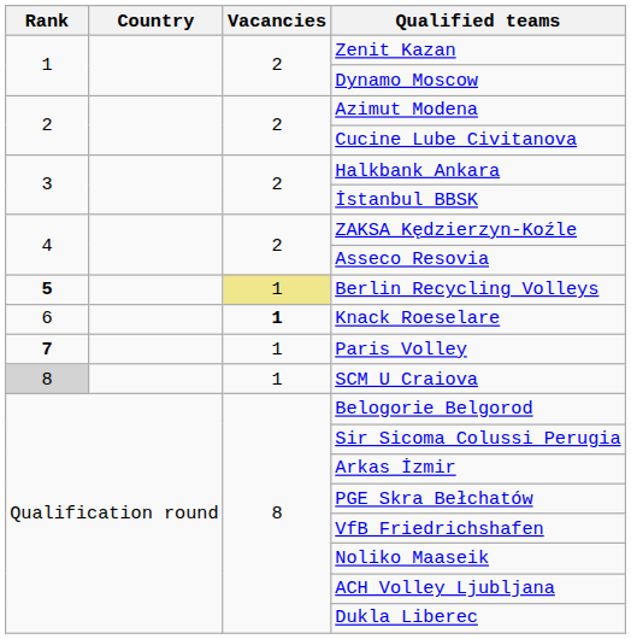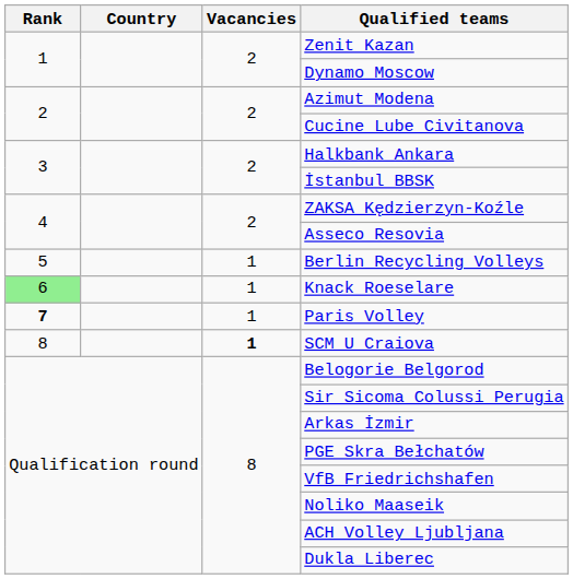 <table class="wikitable" style="text-align:left">
 <tr>
 <th>Rank</th>
 <th>Country</th>
 <th>Vacancies</th>
 <th>Qualified teams</th>
 </tr>
 <tr>
 <td align="center" rowspan="2">1</td>
 <td rowspan="2"></td>
 <td align="center" rowspan="2">2</td>
 <td><a href='#'>Zenit Kazan</a></td>
 </tr>
 <tr>
 <td><a href='#'>Dynamo Moscow</a></td>
 </tr>
 <tr>
 <td align="center" rowspan="2">2</td>
 <td rowspan="2"></td>
 <td align="center" rowspan="2">2</td>
 <td><a href='#'>Azimut Modena</a></td>
 </tr>
 <tr>
 <td><a href='#'>Cucine Lube Civitanova</a></td>
 </tr>
 <tr>
 <td align="center" rowspan="2">3</td>
 <td rowspan="2"></td>
 <td align="center" rowspan="2">2</td>
 <td><a href='#'>Halkbank Ankara</a></td>
 </tr>
 <tr>
 <td><a href='#'>İstanbul BBSK</a></td>
 </tr>
 <tr>
 <td align="center" rowspan="2">4</td>
 <td rowspan="2"></td>
 <td align="center" rowspan="2">2</td>
 <td><a href='#'>ZAKSA Kędzierzyn-Koźle</a></td>
 </tr>
 <tr>
 <td><a href='#'>Asseco Resovia</a></td>
 </tr>
 <tr>
-<td align="center"><strong>5</strong></td>
+<td align="center">5</td>
 <td></td>
-<td align="center" style="background: khaki;">1</td>
+<td align="center">1</td>
 <td><a href='#'>Berlin Recycling Volleys</a></td>
 </tr>
 <tr>
-<td align="center">6</td>
+<td align="center" style="background: lightgreen;">6</td>
 <td></td>
-<td align="center"><strong>1</strong></td>
+<td align="center">1</td>
 <td><a href='#'>Knack Roeselare</a></td>
 </tr>
 <tr>
 <td align="center"><strong>7</strong></td>
 <td></td>
 <td align="center">1</td>
 <td><a href='#'>Paris Volley</a></td>
 </tr>
 <tr>
-<td align="center" style="background: lightgrey;">8</td>
+<td align="center">8</td>
 <td></td>
-<td align="center">1</td>
+<td align="center"><strong>1</strong></td>
 <td><a href='#'>SCM U Craiova</a></td>
 </tr>
 <tr>
 <td colspan="2" rowspan="8">Qualification round</td>
 <td align="center" rowspan="8">8</td>
 <td> <a href='#'>Belogorie Belgorod</a></td>
 </tr>
 <tr>
 <td> <a href='#'>Sir Sicoma Colussi Perugia</a></td>
 </tr>
 <tr>
 <td> <a href='#'>Arkas İzmir</a></td>
 </tr>
 <tr>
 <td> <a href='#'>PGE Skra Bełchatów</a></td>
 </tr>
 <tr>
 <td> <a href='#'>VfB Friedrichshafen</a></td>
 </tr>
 <tr>
 <td> <a href='#'>Noliko Maaseik</a></td>
 </tr>
 <tr>
 <td> <a href='#'>ACH Volley Ljubljana</a></td>
 </tr>
 <tr>
 <td> <a href='#'>Dukla Liberec</a></td>
 </tr>
 </table>
